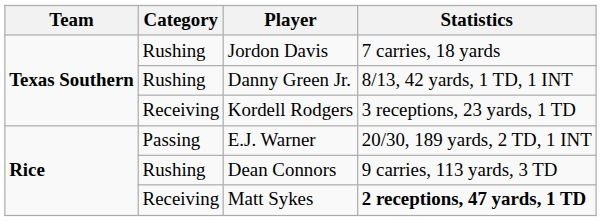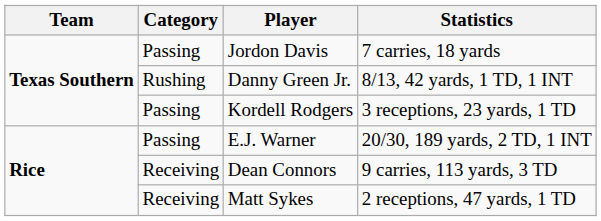 <table class="wikitable" style="float: right;">
 <tr>
 <th>Team</th>
 <th>Category</th>
 <th>Player</th>
 <th>Statistics</th>
 </tr>
 <tr>
 <td rowspan=3><strong>Texas Southern</strong></td>
-<td>Rushing</td>
+<td>Passing</td>
 <td>Jordon Davis</td>
 <td>7 carries, 18 yards</td>
 </tr>
 <tr>
 <td>Rushing</td>
 <td>Danny Green Jr.</td>
 <td>8/13, 42 yards, 1 TD, 1 INT</td>
 </tr>
 <tr>
-<td>Receiving</td>
+<td>Passing</td>
 <td>Kordell Rodgers</td>
 <td>3 receptions, 23 yards, 1 TD</td>
 </tr>
 <tr>
 <td rowspan=3><strong>Rice</strong></td>
 <td>Passing</td>
 <td>E.J. Warner</td>
 <td>20/30, 189 yards, 2 TD, 1 INT</td>
 </tr>
 <tr>
-<td>Rushing</td>
+<td>Receiving</td>
 <td>Dean Connors</td>
 <td>9 carries, 113 yards, 3 TD</td>
 </tr>
 <tr>
 <td>Receiving</td>
 <td>Matt Sykes</td>
-<td><strong>2 receptions, 47 yards, 1 TD</strong></td>
+<td>2 receptions, 47 yards, 1 TD</td>
 </tr>
 </table>
